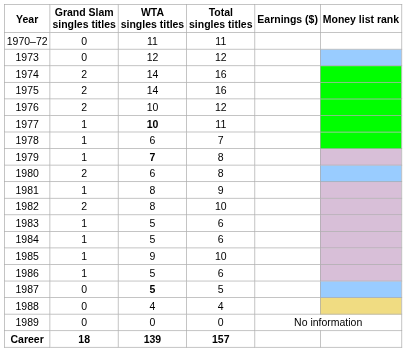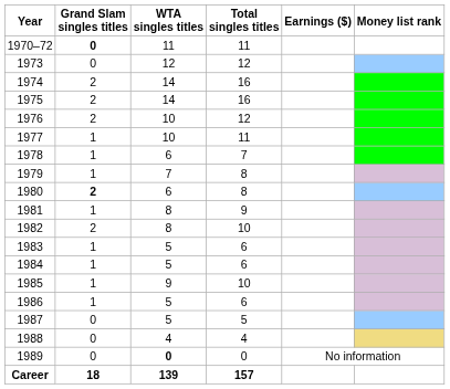 <table cellpadding=3 cellspacing=0 border=1 style=font-size:95%;border:#aaa;solid:1px;border-collapse:collapse;text-align:center>
 <tr>
 <th>Year</th>
 <th>Grand Slam<br>singles titles</th>
 <th>WTA <br>singles titles</th>
 <th>Total<br>singles titles</th>
 <th>Earnings ($)</th>
 <th>Money list rank</th>
 </tr>
 <tr>
 <td>1970–72</td>
-<td>0</td>
+<td><strong>0</strong></td>
 <td>11</td>
 <td>11</td>
 <td align=right></td>
 <td align=center></td>
 </tr>
 <tr>
 <td>1973</td>
 <td>0</td>
 <td>12</td>
 <td>12</td>
 <td align=right></td>
 <td bgcolor=#99ccff></td>
 </tr>
 <tr>
 <td>1974</td>
 <td>2</td>
 <td>14</td>
 <td>16</td>
 <td align=right></td>
 <td bgcolor=#00ff00></td>
 </tr>
 <tr>
 <td>1975</td>
 <td>2</td>
 <td>14</td>
 <td>16</td>
 <td align=right></td>
 <td bgcolor=#00ff00></td>
 </tr>
 <tr>
 <td>1976</td>
 <td>2</td>
 <td>10</td>
 <td>12</td>
 <td align=right></td>
 <td bgcolor=#00ff00></td>
 </tr>
 <tr>
 <td>1977</td>
 <td>1</td>
-<td><strong>10</strong></td>
+<td>10</td>
 <td>11</td>
 <td align=right></td>
 <td bgcolor=#00ff00></td>
 </tr>
 <tr>
 <td>1978</td>
 <td>1</td>
 <td>6</td>
 <td>7</td>
 <td align=right></td>
 <td bgcolor=#00ff00></td>
 </tr>
 <tr>
 <td>1979</td>
 <td>1</td>
-<td><strong>7</strong></td>
+<td>7</td>
 <td>8</td>
 <td align=right></td>
 <td bgcolor=#D8BFD8></td>
 </tr>
 <tr>
 <td>1980</td>
-<td>2</td>
+<td><strong>2</strong></td>
 <td>6</td>
 <td>8</td>
 <td align=right></td>
 <td bgcolor=#99ccff></td>
 </tr>
 <tr>
 <td>1981</td>
 <td>1</td>
 <td>8</td>
 <td>9</td>
 <td align=right></td>
 <td bgcolor=#D8BFD8></td>
 </tr>
 <tr>
 <td>1982</td>
 <td>2</td>
 <td>8</td>
 <td>10</td>
 <td align=right></td>
 <td bgcolor=#D8BFD8></td>
 </tr>
 <tr>
 <td>1983</td>
 <td>1</td>
 <td>5</td>
 <td>6</td>
 <td align=right></td>
 <td bgcolor=#D8BFD8></td>
 </tr>
 <tr>
 <td>1984</td>
 <td>1</td>
 <td>5</td>
 <td>6</td>
 <td align=right></td>
 <td bgcolor=#D8BFD8></td>
 </tr>
 <tr>
 <td>1985</td>
 <td>1</td>
 <td>9</td>
 <td>10</td>
 <td align=right></td>
 <td bgcolor=#D8BFD8></td>
 </tr>
 <tr>
 <td>1986</td>
 <td>1</td>
 <td>5</td>
 <td>6</td>
 <td align=right></td>
 <td bgcolor=#D8BFD8></td>
 </tr>
 <tr>
 <td>1987</td>
 <td>0</td>
-<td><strong>5</strong></td>
+<td>5</td>
 <td>5</td>
 <td align=right></td>
 <td bgcolor=#99ccff></td>
 </tr>
 <tr>
 <td>1988</td>
 <td>0</td>
 <td>4</td>
 <td>4</td>
 <td align=right></td>
 <td bgcolor=#F0DC82></td>
 </tr>
 <tr>
 <td>1989</td>
 <td>0</td>
-<td>0</td>
+<td><strong>0</strong></td>
 <td>0</td>
 <td colspan="2">No information</td>
 </tr>
 <tr>
 <th>Career</th>
 <th>18</th>
 <th>139</th>
 <th>157</th>
 <th align=right></th>
 <th></th>
 </tr>
 </table>
